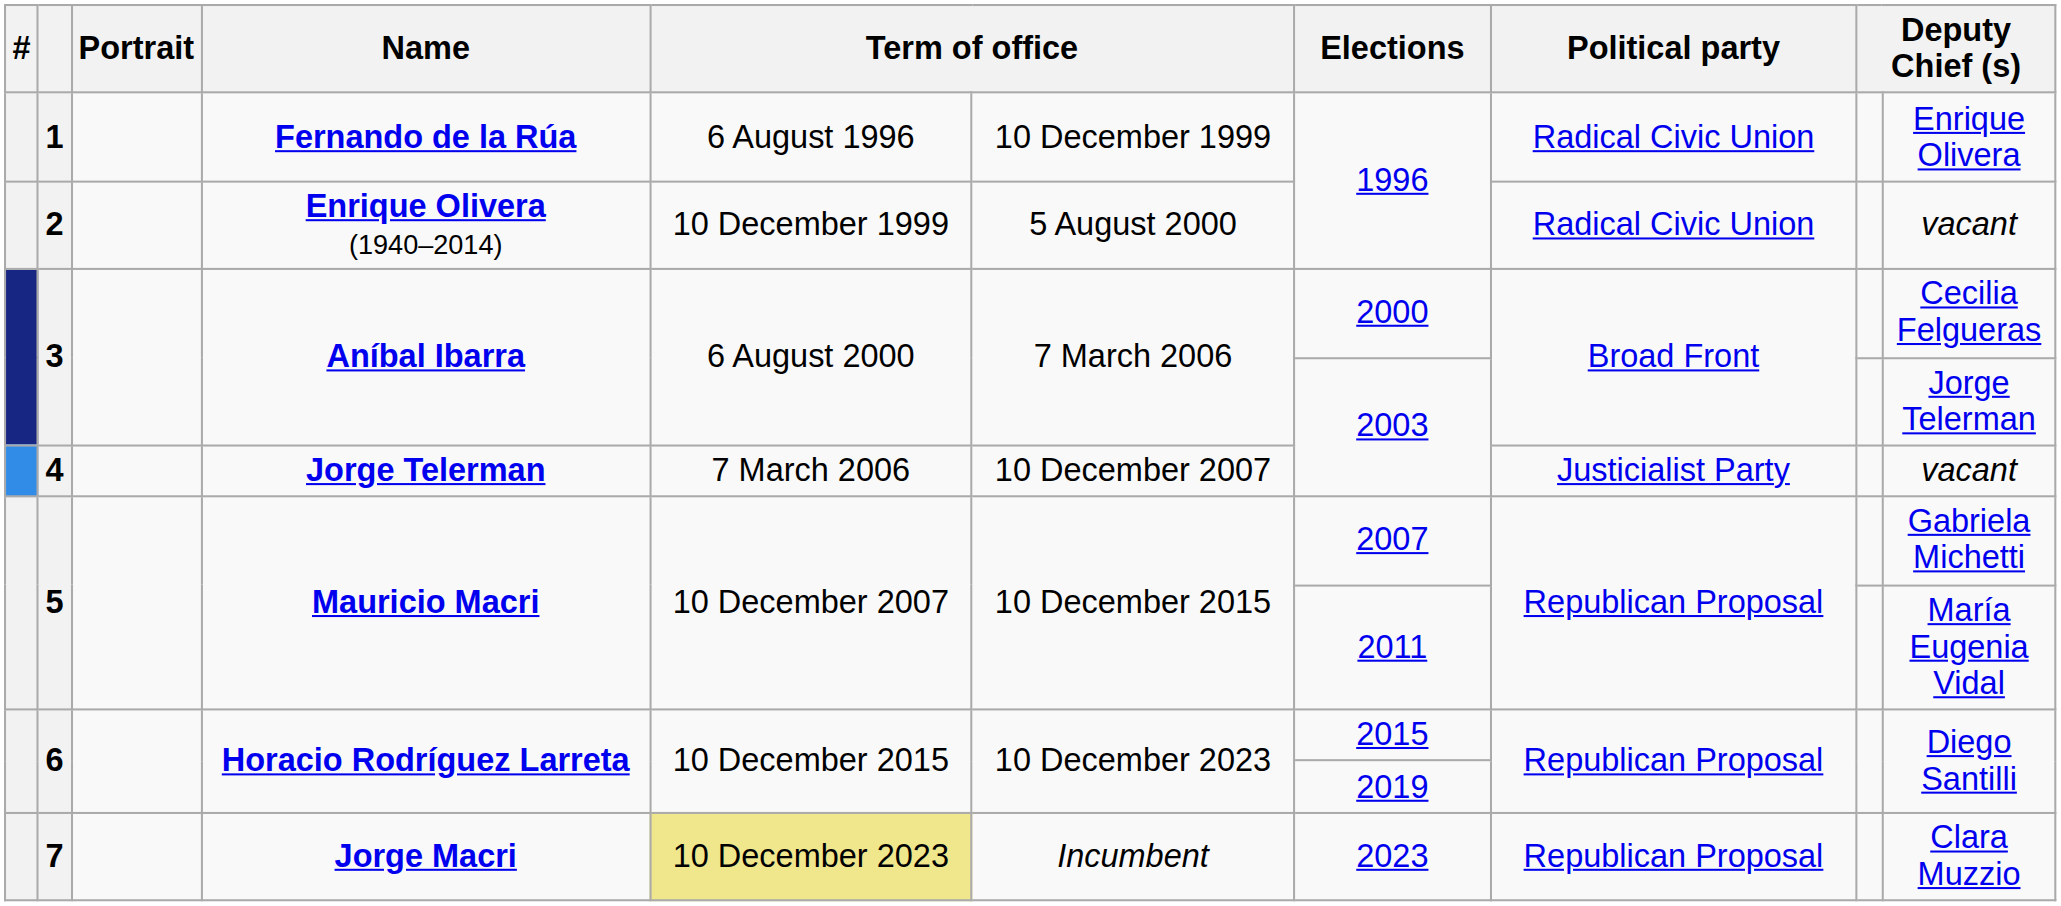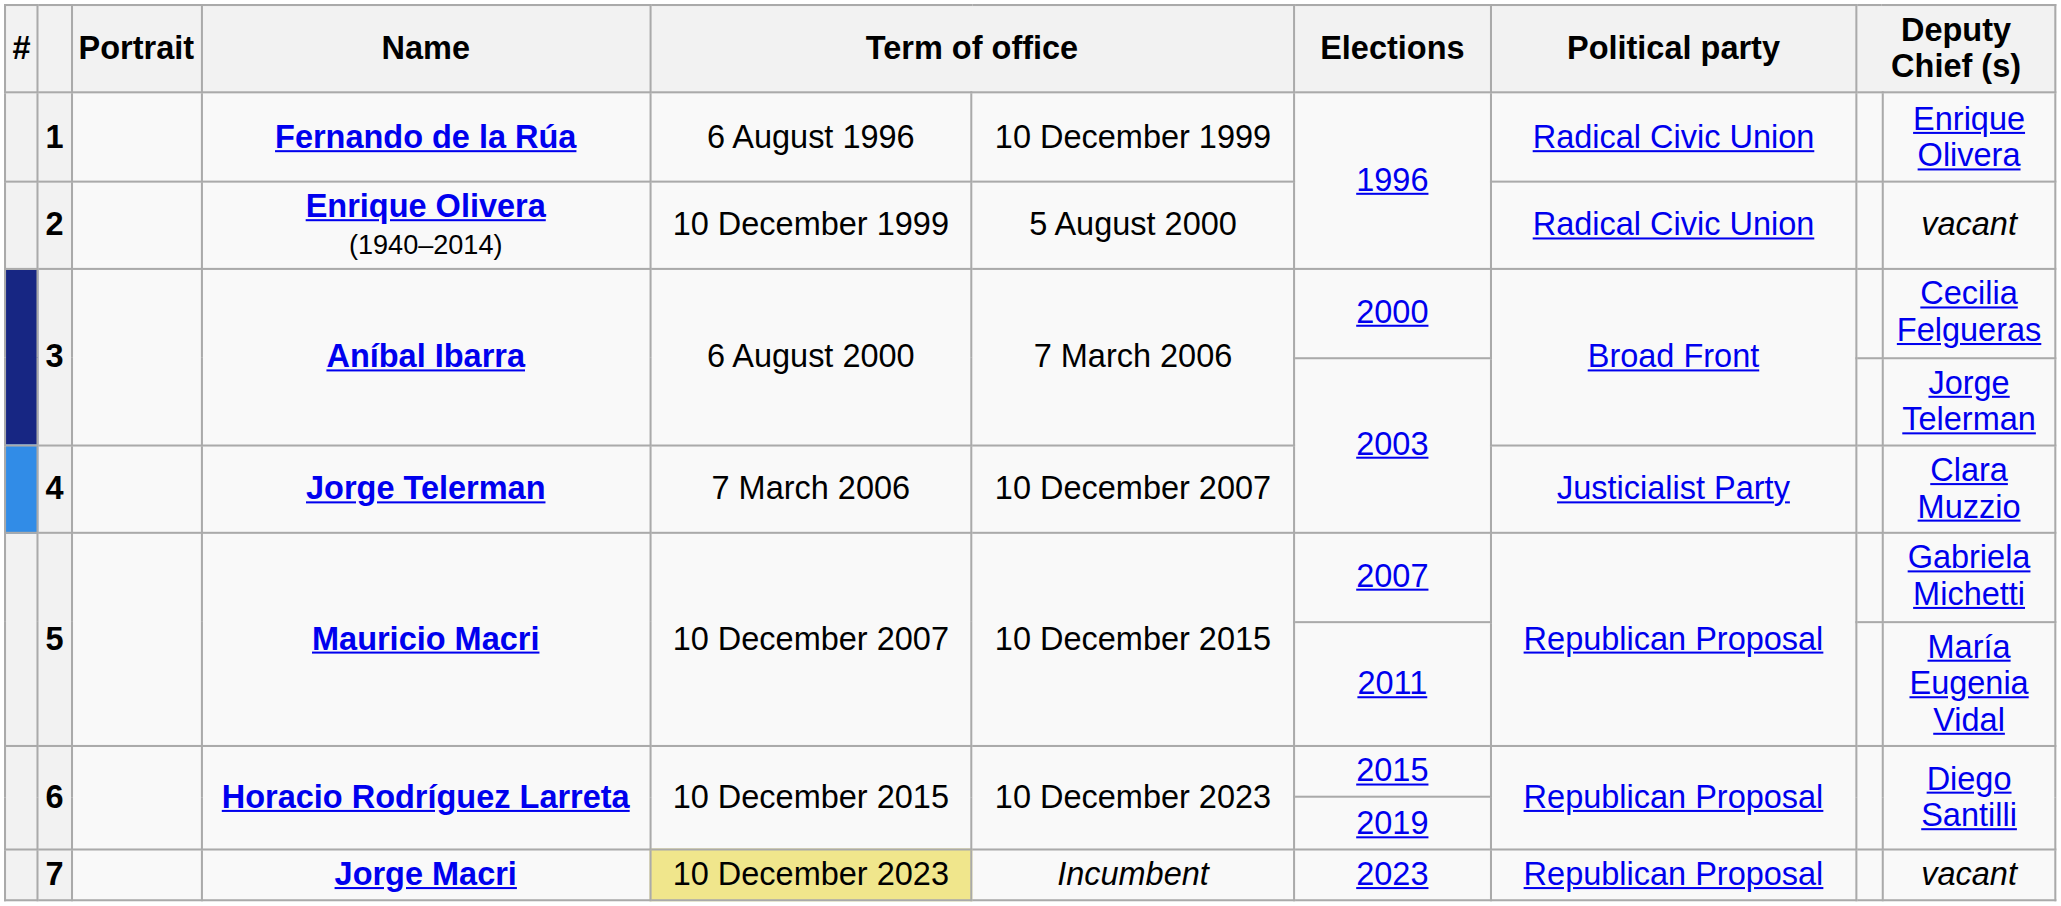 <table class="wikitable" style="width:80%; text-align:center;">
 <tr>
 <th>#</th>
 <th></th>
 <th width=70>Portrait</th>
 <th width=25%>Name<br></th>
 <th colspan="2" width=35%>Term of office</th>
 <th width=10%>Elections</th>
 <th width=20%>Political party<br></th>
 <th colspan="2" width=30%>Deputy Chief (s)</th>
 </tr>
 <tr>
 <th style="background:"></th>
 <th>1</th>
 <td></td>
 <td><strong><a href='#'>Fernando de la Rúa</a></strong><br></td>
 <td>6 August 1996</td>
 <td>10 December 1999</td>
 <td rowspan="2"><a href='#'>1996</a></td>
 <td><a href='#'>Radical Civic Union</a><br></td>
 <td style="background:"></td>
 <td align="center"><a href='#'>Enrique Olivera</a></td>
 </tr>
 <tr>
 <th style="background:"></th>
 <th>2</th>
 <td></td>
 <td><strong><a href='#'>Enrique Olivera</a></strong><br><small>(1940–2014)</small></td>
 <td>10 December 1999</td>
 <td>5 August 2000</td>
 <td><a href='#'>Radical Civic Union</a><br></td>
 <td style="background:"></td>
 <td align="center"><em>vacant</em></td>
 </tr>
 <tr>
 <th rowspan="2" style="background:#172683;"></th>
 <th rowspan="2">3</th>
 <td rowspan="2"></td>
 <td rowspan="2"><strong><a href='#'>Aníbal Ibarra</a></strong><br></td>
 <td rowspan="2">6 August 2000</td>
 <td rowspan="2">7 March 2006</td>
 <td><a href='#'>2000</a></td>
 <td rowspan="2"><a href='#'>Broad Front</a><br></td>
 <td style="background:"></td>
 <td align="center"><a href='#'>Cecilia Felgueras</a></td>
 </tr>
 <tr>
 <td rowspan="2"><a href='#'>2003</a></td>
 <td style="background:"></td>
 <td><a href='#'>Jorge Telerman</a></td>
 </tr>
 <tr>
 <th style="background:#318CE7;"></th>
 <th>4</th>
 <td></td>
 <td><strong><a href='#'>Jorge Telerman</a></strong><br></td>
 <td>7 March 2006</td>
 <td>10 December 2007</td>
 <td><a href='#'>Justicialist Party</a><br></td>
 <td style="background:"></td>
-<td align="center"><em>vacant</em></td>
+<td><a href='#'>Clara Muzzio</a></td>
 </tr>
 <tr>
 <th rowspan="2" style="background:"></th>
 <th rowspan="2">5</th>
 <td rowspan="2"></td>
 <td rowspan="2"><strong><a href='#'>Mauricio Macri</a></strong><br></td>
 <td rowspan="2">10 December 2007</td>
 <td rowspan="2">10 December 2015</td>
 <td><a href='#'>2007</a></td>
 <td rowspan="2"><a href='#'>Republican Proposal</a><br></td>
 <td style="background:"></td>
 <td align="center"><a href='#'>Gabriela Michetti</a></td>
 </tr>
 <tr>
 <td><a href='#'>2011</a></td>
 <td style="background:"></td>
 <td><a href='#'>María Eugenia Vidal</a></td>
 </tr>
 <tr>
 <th rowspan="2" style="background:"></th>
 <th rowspan="2">6</th>
 <td rowspan="2"></td>
 <td rowspan="2"><strong><a href='#'>Horacio Rodríguez Larreta</a></strong><br></td>
 <td rowspan="2">10 December 2015</td>
 <td rowspan="2">10 December 2023</td>
 <td><a href='#'>2015</a></td>
 <td rowspan="2"><a href='#'>Republican Proposal</a><br></td>
 <td rowspan="2" style="background:"></td>
 <td rowspan="2" align="center"><a href='#'>Diego Santilli</a><br></td>
 </tr>
 <tr>
 <td><a href='#'>2019</a></td>
 </tr>
 <tr>
 <th style="background:"></th>
 <th>7</th>
 <td></td>
 <td><strong><a href='#'>Jorge Macri</a></strong><br></td>
 <td style="background: khaki;">10 December 2023</td>
 <td><em>Incumbent</em></td>
 <td><a href='#'>2023</a></td>
 <td><a href='#'>Republican Proposal</a><br></td>
 <td style="background:"></td>
-<td><a href='#'>Clara Muzzio</a></td>
+<td align="center"><em>vacant</em></td>
 </tr>
 </table>
